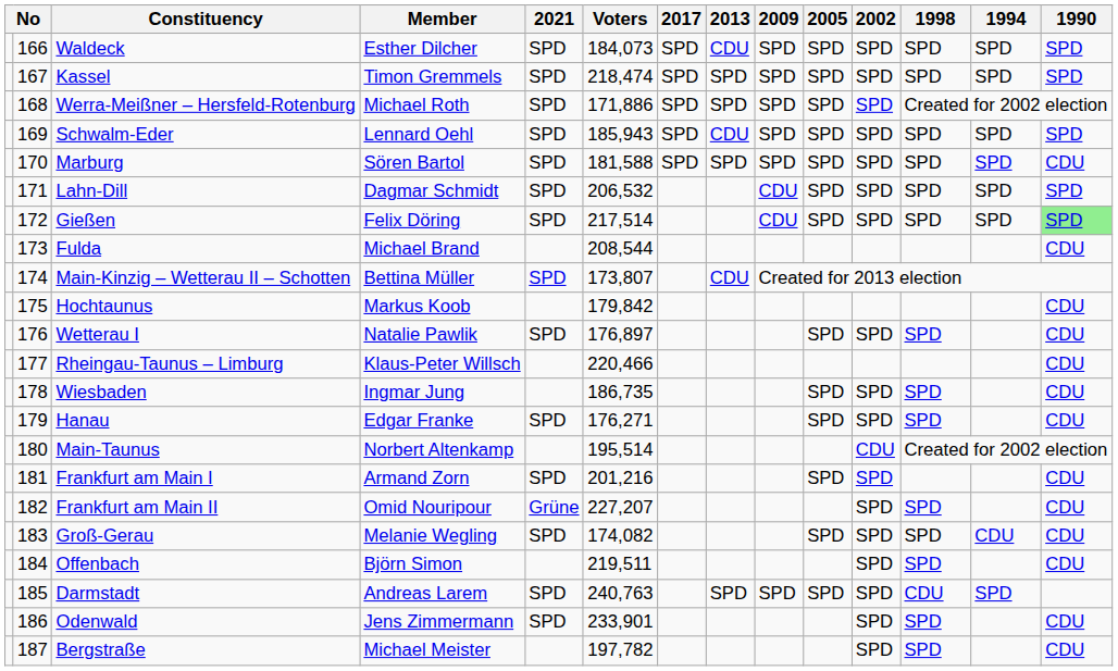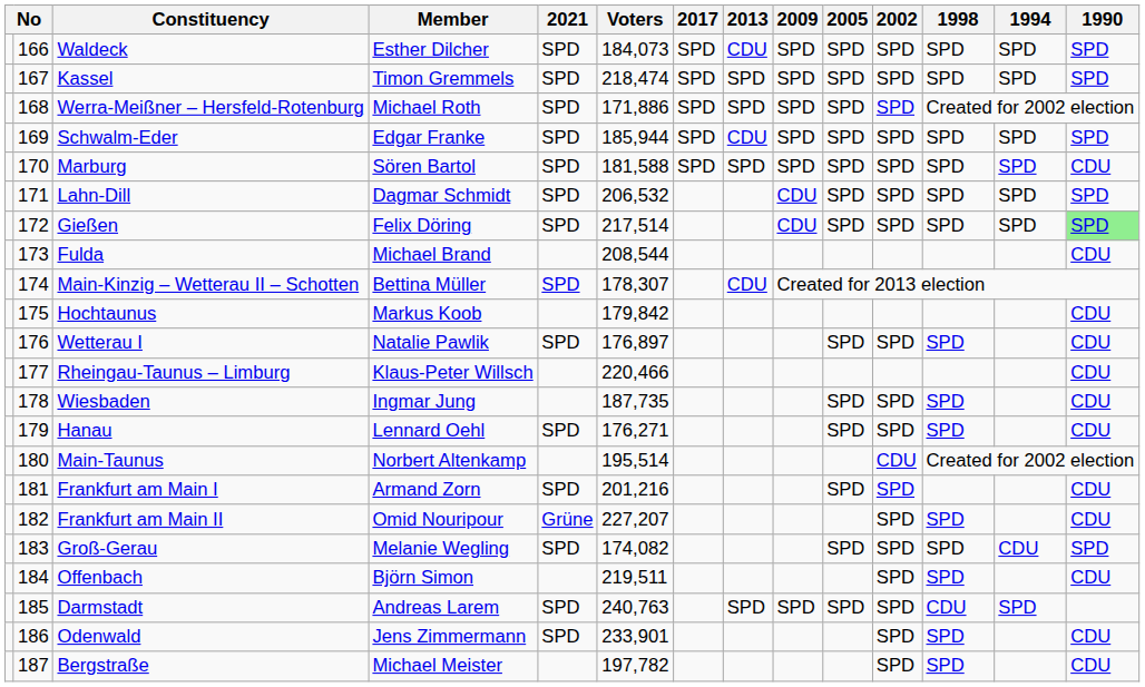 <table class="wikitable sortable">
 <tr>
 <th colspan=2>No</th>
 <th>Constituency</th>
 <th>Member</th>
 <th>2021</th>
 <th>Voters</th>
 <th>2017</th>
 <th>2013</th>
 <th>2009</th>
 <th>2005</th>
 <th>2002</th>
 <th>1998</th>
 <th>1994</th>
 <th>1990</th>
 </tr>
 <tr>
 <td style="background-color: "></td>
 <td>166</td>
 <td><a href='#'>Waldeck</a></td>
 <td><a href='#'>Esther Dilcher</a></td>
 <td bgcolor=>SPD</td>
 <td>184,073</td>
 <td bgcolor=>SPD</td>
 <td><a href='#'>CDU</a></td>
 <td bgcolor=>SPD</td>
 <td bgcolor=>SPD</td>
 <td bgcolor=>SPD</td>
 <td bgcolor=>SPD</td>
 <td bgcolor=>SPD</td>
 <td><a href='#'>SPD</a></td>
 </tr>
 <tr>
 <td style="background-color: "></td>
 <td>167</td>
 <td><a href='#'>Kassel</a></td>
 <td><a href='#'>Timon Gremmels</a></td>
 <td bgcolor=>SPD</td>
 <td>218,474</td>
 <td bgcolor=>SPD</td>
 <td bgcolor=>SPD</td>
 <td bgcolor=>SPD</td>
 <td bgcolor=>SPD</td>
 <td bgcolor=>SPD</td>
 <td bgcolor=>SPD</td>
 <td bgcolor=>SPD</td>
 <td><a href='#'>SPD</a></td>
 </tr>
 <tr>
 <td style="background-color: "></td>
 <td>168</td>
 <td><a href='#'>Werra-Meißner – Hersfeld-Rotenburg</a></td>
 <td><a href='#'>Michael Roth</a></td>
 <td bgcolor=>SPD</td>
 <td>171,886</td>
 <td bgcolor=>SPD</td>
 <td bgcolor=>SPD</td>
 <td bgcolor=>SPD</td>
 <td bgcolor=>SPD</td>
 <td><a href='#'>SPD</a></td>
 <td colspan=3>Created for 2002 election</td>
 </tr>
 <tr>
 <td style="background-color: "></td>
 <td>169</td>
 <td><a href='#'>Schwalm-Eder</a></td>
-<td><a href='#'>Lennard Oehl</a></td>
+<td><a href='#'>Edgar Franke</a></td>
 <td bgcolor=>SPD</td>
-<td>185,943</td>
+<td>185,944</td>
 <td bgcolor=>SPD</td>
 <td><a href='#'>CDU</a></td>
 <td bgcolor=>SPD</td>
 <td bgcolor=>SPD</td>
 <td bgcolor=>SPD</td>
 <td bgcolor=>SPD</td>
 <td bgcolor=>SPD</td>
 <td><a href='#'>SPD</a></td>
 </tr>
 <tr>
 <td style="background-color: "></td>
 <td>170</td>
 <td><a href='#'>Marburg</a></td>
 <td><a href='#'>Sören Bartol</a></td>
 <td bgcolor=>SPD</td>
 <td>181,588</td>
 <td bgcolor=>SPD</td>
 <td bgcolor=>SPD</td>
 <td bgcolor=>SPD</td>
 <td bgcolor=>SPD</td>
 <td bgcolor=>SPD</td>
 <td bgcolor=>SPD</td>
 <td><a href='#'>SPD</a></td>
 <td><a href='#'>CDU</a></td>
 </tr>
 <tr>
 <td style="background-color: "></td>
 <td>171</td>
 <td><a href='#'>Lahn-Dill</a></td>
 <td><a href='#'>Dagmar Schmidt</a></td>
 <td bgcolor=>SPD</td>
 <td>206,532</td>
 <td></td>
 <td></td>
 <td><a href='#'>CDU</a></td>
 <td bgcolor=>SPD</td>
 <td bgcolor=>SPD</td>
 <td bgcolor=>SPD</td>
 <td bgcolor=>SPD</td>
 <td><a href='#'>SPD</a></td>
 </tr>
 <tr>
 <td style="background-color: "></td>
 <td>172</td>
 <td><a href='#'>Gießen</a></td>
 <td><a href='#'>Felix Döring</a></td>
 <td bgcolor=>SPD</td>
 <td>217,514</td>
 <td></td>
 <td></td>
 <td><a href='#'>CDU</a></td>
 <td bgcolor=>SPD</td>
 <td bgcolor=>SPD</td>
 <td bgcolor=>SPD</td>
 <td bgcolor=>SPD</td>
 <td style="background: lightgreen;"><a href='#'>SPD</a></td>
 </tr>
 <tr>
 <td style="background-color: "></td>
 <td>173</td>
 <td><a href='#'>Fulda</a></td>
 <td><a href='#'>Michael Brand</a></td>
 <td bgcolor=></td>
 <td>208,544</td>
 <td></td>
 <td></td>
 <td></td>
 <td></td>
 <td></td>
 <td></td>
 <td></td>
 <td><a href='#'>CDU</a></td>
 </tr>
 <tr>
 <td style="background-color: "></td>
 <td>174</td>
 <td><a href='#'>Main-Kinzig – Wetterau II – Schotten</a></td>
 <td><a href='#'>Bettina Müller</a></td>
 <td><a href='#'>SPD</a></td>
-<td>173,807</td>
+<td>178,307</td>
 <td></td>
 <td><a href='#'>CDU</a></td>
 <td colspan=6>Created for 2013 election</td>
 </tr>
 <tr>
 <td style="background-color: "></td>
 <td>175</td>
 <td><a href='#'>Hochtaunus</a></td>
 <td><a href='#'>Markus Koob</a></td>
 <td bgcolor=></td>
 <td>179,842</td>
 <td></td>
 <td></td>
 <td></td>
 <td></td>
 <td></td>
 <td></td>
 <td></td>
 <td><a href='#'>CDU</a></td>
 </tr>
 <tr>
 <td style="background-color: "></td>
 <td>176</td>
 <td><a href='#'>Wetterau I</a></td>
 <td><a href='#'>Natalie Pawlik</a></td>
 <td bgcolor=>SPD</td>
 <td>176,897</td>
 <td></td>
 <td></td>
 <td></td>
 <td bgcolor=>SPD</td>
 <td bgcolor=>SPD</td>
 <td><a href='#'>SPD</a></td>
 <td></td>
 <td><a href='#'>CDU</a></td>
 </tr>
 <tr>
 <td style="background-color: "></td>
 <td>177</td>
 <td><a href='#'>Rheingau-Taunus – Limburg</a></td>
 <td><a href='#'>Klaus-Peter Willsch</a></td>
 <td bgcolor=></td>
 <td>220,466</td>
 <td></td>
 <td></td>
 <td></td>
 <td></td>
 <td></td>
 <td></td>
 <td></td>
 <td><a href='#'>CDU</a></td>
 </tr>
 <tr>
 <td style="background-color: "></td>
 <td>178</td>
 <td><a href='#'>Wiesbaden</a></td>
 <td><a href='#'>Ingmar Jung</a></td>
 <td bgcolor=></td>
-<td>186,735</td>
+<td>187,735</td>
 <td></td>
 <td></td>
 <td></td>
 <td bgcolor=>SPD</td>
 <td bgcolor=>SPD</td>
 <td><a href='#'>SPD</a></td>
 <td></td>
 <td><a href='#'>CDU</a></td>
 </tr>
 <tr>
 <td style="background-color: "></td>
 <td>179</td>
 <td><a href='#'>Hanau</a></td>
-<td><a href='#'>Edgar Franke</a></td>
+<td><a href='#'>Lennard Oehl</a></td>
 <td bgcolor=>SPD</td>
 <td>176,271</td>
 <td></td>
 <td></td>
 <td></td>
 <td bgcolor=>SPD</td>
 <td bgcolor=>SPD</td>
 <td><a href='#'>SPD</a></td>
 <td></td>
 <td><a href='#'>CDU</a></td>
 </tr>
 <tr>
 <td style="background-color: "></td>
 <td>180</td>
 <td><a href='#'>Main-Taunus</a></td>
 <td><a href='#'>Norbert Altenkamp</a></td>
 <td bgcolor=></td>
 <td>195,514</td>
 <td></td>
 <td></td>
 <td></td>
 <td></td>
 <td><a href='#'>CDU</a></td>
 <td colspan=3>Created for 2002 election</td>
 </tr>
 <tr>
 <td style="background-color: "></td>
 <td>181</td>
 <td><a href='#'>Frankfurt am Main I</a></td>
 <td><a href='#'>Armand Zorn</a></td>
 <td bgcolor=>SPD</td>
 <td>201,216</td>
 <td></td>
 <td></td>
 <td></td>
 <td bgcolor=>SPD</td>
 <td><a href='#'>SPD</a></td>
 <td></td>
 <td></td>
 <td><a href='#'>CDU</a></td>
 </tr>
 <tr>
 <td style="background-color: "></td>
 <td>182</td>
 <td><a href='#'>Frankfurt am Main II</a></td>
 <td><a href='#'>Omid Nouripour</a></td>
 <td><a href='#'>Grüne</a></td>
 <td>227,207</td>
 <td></td>
 <td></td>
 <td></td>
 <td></td>
 <td bgcolor=>SPD</td>
 <td><a href='#'>SPD</a></td>
 <td></td>
 <td><a href='#'>CDU</a></td>
 </tr>
 <tr>
 <td style="background-color: "></td>
 <td>183</td>
 <td><a href='#'>Groß-Gerau</a></td>
 <td><a href='#'>Melanie Wegling</a></td>
 <td bgcolor=>SPD</td>
 <td>174,082</td>
 <td></td>
 <td></td>
 <td></td>
 <td bgcolor=>SPD</td>
 <td bgcolor=>SPD</td>
 <td bgcolor=>SPD</td>
 <td><a href='#'>CDU</a></td>
-<td><a href='#'>CDU</a></td>
+<td><a href='#'>SPD</a></td>
 </tr>
 <tr>
 <td style="background-color: "></td>
 <td>184</td>
 <td><a href='#'>Offenbach</a></td>
 <td><a href='#'>Björn Simon</a></td>
 <td></td>
 <td>219,511</td>
 <td></td>
 <td></td>
 <td></td>
 <td></td>
 <td bgcolor=>SPD</td>
 <td><a href='#'>SPD</a></td>
 <td></td>
 <td><a href='#'>CDU</a></td>
 </tr>
 <tr>
 <td style="background-color: "></td>
 <td>185</td>
 <td><a href='#'>Darmstadt</a></td>
 <td><a href='#'>Andreas Larem</a></td>
 <td bgcolor=>SPD</td>
 <td>240,763</td>
 <td></td>
 <td bgcolor=>SPD</td>
 <td bgcolor=>SPD</td>
 <td bgcolor=>SPD</td>
 <td bgcolor=>SPD</td>
 <td><a href='#'>CDU</a></td>
 <td><a href='#'>SPD</a></td>
 </tr>
 <tr>
 <td style="background-color: "></td>
 <td>186</td>
 <td><a href='#'>Odenwald</a></td>
 <td><a href='#'>Jens Zimmermann</a></td>
 <td bgcolor=>SPD</td>
 <td>233,901</td>
 <td></td>
 <td></td>
 <td></td>
 <td></td>
 <td bgcolor=>SPD</td>
 <td><a href='#'>SPD</a></td>
 <td></td>
 <td><a href='#'>CDU</a></td>
 </tr>
 <tr>
 <td style="background-color: "></td>
 <td>187</td>
 <td><a href='#'>Bergstraße</a></td>
 <td><a href='#'>Michael Meister</a></td>
 <td bgcolor=></td>
 <td>197,782</td>
 <td></td>
 <td></td>
 <td></td>
 <td></td>
 <td bgcolor=>SPD</td>
 <td><a href='#'>SPD</a></td>
 <td></td>
 <td><a href='#'>CDU</a></td>
 </tr>
 </table>
